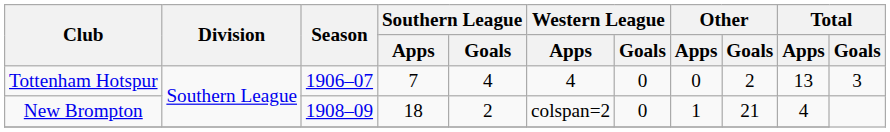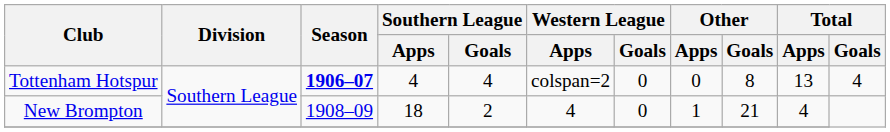 <table class="wikitable" style="text-align:center">
 <tr>
 <th rowspan="2">Club</th>
 <th rowspan="2">Division</th>
 <th rowspan="2">Season</th>
 <th colspan="2">Southern League</th>
 <th colspan="2">Western League</th>
 <th colspan="2">Other</th>
 <th colspan="2">Total</th>
 </tr>
 <tr>
 <th>Apps</th>
 <th>Goals</th>
 <th>Apps</th>
 <th>Goals</th>
 <th>Apps</th>
 <th>Goals</th>
 <th>Apps</th>
 <th>Goals</th>
 </tr>
 <tr>
 <td><a href='#'>Tottenham Hotspur</a></td>
 <td rowspan=2><a href='#'>Southern League</a></td>
-<td><a href='#'>1906–07</a></td>
-<td>7</td>
+<td><strong><a href='#'>1906–07</a></strong></td>
 <td>4</td>
 <td>4</td>
+<td>colspan=2 </td>
 <td>0</td>
 <td>0</td>
-<td>2</td>
+<td>8</td>
 <td>13</td>
-<td>3</td>
+<td>4</td>
 </tr>
 <tr>
 <td><a href='#'>New Brompton</a></td>
 <td><a href='#'>1908–09</a></td>
 <td>18</td>
 <td>2</td>
-<td>colspan=2 </td>
+<td>4</td>
 <td>0</td>
 <td>1</td>
 <td>21</td>
 <td>4</td>
 </tr>
 <tr>
 </tr>
 </table>
